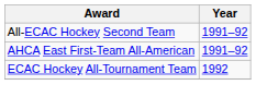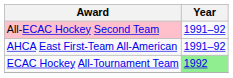 <table class="wikitable">
 <tr>
 <th>Award</th>
 <th>Year</th>
 </tr>
 <tr>
-<td>All-<a href='#'>ECAC Hockey</a> <a href='#'>Second Team</a></td>
+<td style="background: pink;">All-<a href='#'>ECAC Hockey</a> <a href='#'>Second Team</a></td>
 <td><a href='#'>1991–92</a></td>
 </tr>
 <tr>
 <td><a href='#'>AHCA</a> <a href='#'>East First-Team All-American</a></td>
 <td><a href='#'>1991–92</a></td>
 </tr>
 <tr>
 <td><a href='#'>ECAC Hockey</a> <a href='#'>All-Tournament Team</a></td>
-<td><a href='#'>1992</a></td>
+<td style="background: lightgreen;"><a href='#'>1992</a></td>
 </tr>
 <tr>
 </tr>
 </table>
